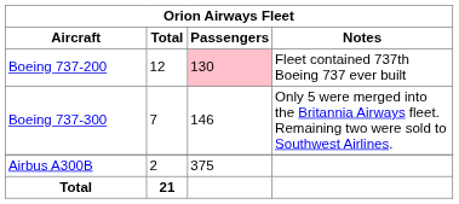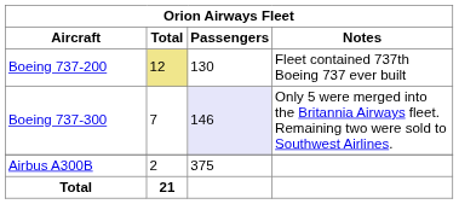 <table class="toccolours " border="1" cellpadding="3" style="border-collapse:collapse">
 <tr>
 <th colspan="5">Orion Airways Fleet</th>
 </tr>
 <tr>
 <th style="width:155px;">Aircraft</th>
 <th style="width:40px;">Total</th>
 <th class="unsortable">Passengers</th>
 <th style="width:200px;">Notes</th>
 </tr>
 <tr>
 <td><a href='#'>Boeing 737-200</a></td>
-<td>12</td>
-<td style="background: pink;">130</td>
+<td style="background: khaki;">12</td>
+<td>130</td>
 <td>Fleet contained 737th Boeing 737 ever built</td>
 </tr>
 <tr>
 <td><a href='#'>Boeing 737-300</a></td>
 <td>7</td>
-<td>146</td>
+<td style="background: lavender;">146</td>
 <td>Only 5 were merged into the <a href='#'>Britannia Airways</a> fleet. Remaining two were sold to <a href='#'>Southwest Airlines</a>.</td>
 </tr>
 <tr>
 </tr>
 <tr>
 <td><a href='#'>Airbus A300B</a></td>
 <td>2</td>
 <td>375</td>
 <td></td>
 </tr>
 <tr>
 <th>Total</th>
 <th>21</th>
 <th></th>
 <th></th>
 </tr>
 </table>
